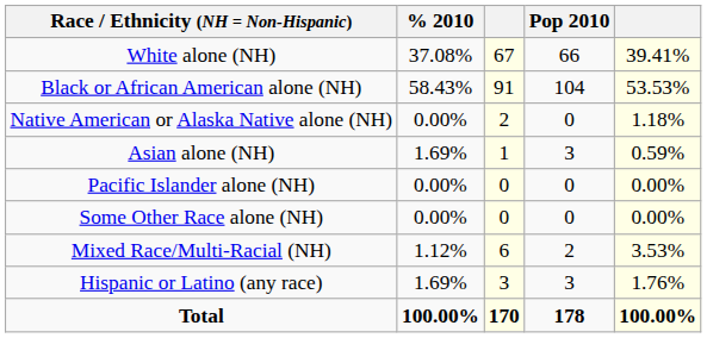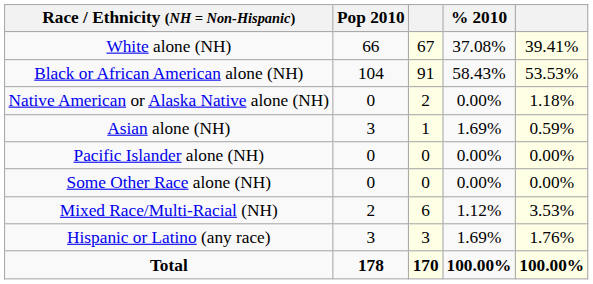 <table class="wikitable" style="text-align:center;">
 <tr>
 <th>Race / Ethnicity <small>(<em>NH = Non-Hispanic</em>)</small></th>
+<th>Pop 2010</th>
+<th></th>
 <th>% 2010</th>
-<th></th>
-<th>Pop 2010</th>
 <th></th>
 </tr>
 <tr>
 <td><a href='#'>White</a> alone (NH)</td>
+<td>66</td>
+<td style='background: #ffffe6;'>67</td>
 <td>37.08%</td>
-<td style='background: #ffffe6;'>67</td>
-<td>66</td>
 <td style='background: #ffffe6;'>39.41%</td>
 </tr>
 <tr>
 <td><a href='#'>Black or African American</a> alone (NH)</td>
+<td>104</td>
+<td style='background: #ffffe6;'>91</td>
 <td>58.43%</td>
-<td style='background: #ffffe6;'>91</td>
-<td>104</td>
 <td style='background: #ffffe6;'>53.53%</td>
 </tr>
 <tr>
 <td><a href='#'>Native American</a> or <a href='#'>Alaska Native</a> alone (NH)</td>
+<td>0</td>
+<td style='background: #ffffe6;'>2</td>
 <td>0.00%</td>
-<td style='background: #ffffe6;'>2</td>
-<td>0</td>
 <td style='background: #ffffe6;'>1.18%</td>
 </tr>
 <tr>
 <td><a href='#'>Asian</a> alone (NH)</td>
+<td>3</td>
+<td style='background: #ffffe6;'>1</td>
 <td>1.69%</td>
-<td style='background: #ffffe6;'>1</td>
-<td>3</td>
 <td style='background: #ffffe6;'>0.59%</td>
 </tr>
 <tr>
 <td><a href='#'>Pacific Islander</a> alone (NH)</td>
+<td>0</td>
+<td style='background: #ffffe6;'>0</td>
 <td>0.00%</td>
-<td style='background: #ffffe6;'>0</td>
-<td>0</td>
 <td style='background: #ffffe6;'>0.00%</td>
 </tr>
 <tr>
 <td><a href='#'>Some Other Race</a> alone (NH)</td>
+<td>0</td>
+<td style='background: #ffffe6;'>0</td>
 <td>0.00%</td>
-<td style='background: #ffffe6;'>0</td>
-<td>0</td>
 <td style='background: #ffffe6;'>0.00%</td>
 </tr>
 <tr>
 <td><a href='#'>Mixed Race/Multi-Racial</a> (NH)</td>
+<td>2</td>
+<td style='background: #ffffe6;'>6</td>
 <td>1.12%</td>
-<td style='background: #ffffe6;'>6</td>
-<td>2</td>
 <td style='background: #ffffe6;'>3.53%</td>
 </tr>
 <tr>
 <td><a href='#'>Hispanic or Latino</a> (any race)</td>
+<td>3</td>
+<td style='background: #ffffe6;'>3</td>
 <td>1.69%</td>
-<td style='background: #ffffe6;'>3</td>
-<td>3</td>
 <td style='background: #ffffe6;'>1.76%</td>
 </tr>
 <tr>
 <td><strong>Total</strong></td>
+<td><strong>178</strong></td>
+<td style='background: #ffffe6;'><strong>170</strong></td>
 <td><strong>100.00%</strong></td>
-<td style='background: #ffffe6;'><strong>170</strong></td>
-<td><strong>178</strong></td>
 <td style='background: #ffffe6;'><strong>100.00%</strong></td>
 </tr>
 </table>
